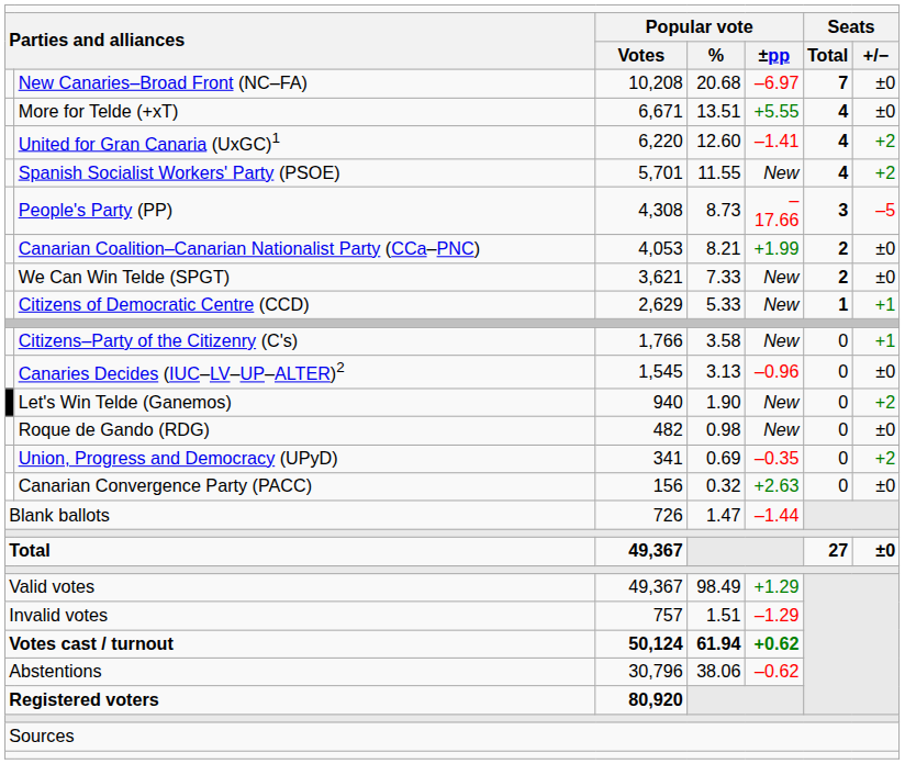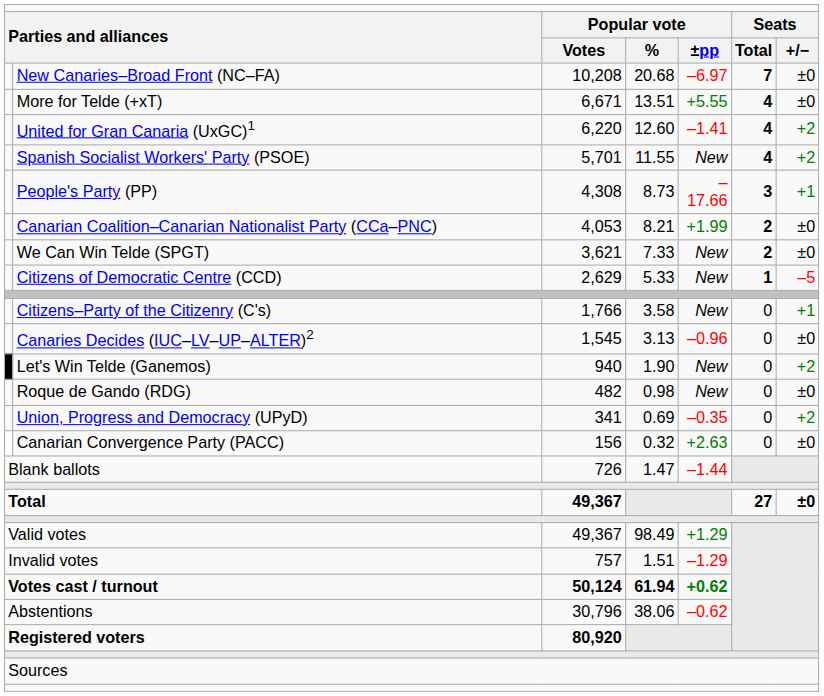 <table class="wikitable" style="text-align:right;">
 <tr>
 <td colspan="7"></td>
 </tr>
 <tr>
 <th style="text-align:left;" rowspan="2" colspan="2" width="525">Parties and alliances</th>
 <th colspan="3">Popular vote</th>
 <th colspan="2">Seats</th>
 </tr>
 <tr>
 <th width="75">Votes</th>
 <th width="45">%</th>
 <th width="45">±<a href='#'>pp</a></th>
 <th width="35">Total</th>
 <th width="35">+/−</th>
 </tr>
 <tr>
 <td width="1" style="color:inherit;background:"></td>
 <td align="left"><a href='#'>New Canaries–Broad Front</a> (NC–FA)</td>
 <td>10,208</td>
 <td>20.68</td>
 <td style="color:red;">–6.97</td>
 <td><strong>7</strong></td>
 <td>±0</td>
 </tr>
 <tr>
 <td style="color:inherit;background:"></td>
 <td align="left">More for Telde (+xT)</td>
 <td>6,671</td>
 <td>13.51</td>
 <td style="color:green;">+5.55</td>
 <td><strong>4</strong></td>
 <td>±0</td>
 </tr>
 <tr>
 <td style="color:inherit;background:"></td>
 <td align="left"><a href='#'>United for Gran Canaria</a> (UxGC)<sup>1</sup></td>
 <td>6,220</td>
 <td>12.60</td>
 <td style="color:red;">–1.41</td>
 <td><strong>4</strong></td>
 <td style="color:green;">+2</td>
 </tr>
 <tr>
 <td style="color:inherit;background:"></td>
 <td align="left"><a href='#'>Spanish Socialist Workers' Party</a> (PSOE)</td>
 <td>5,701</td>
 <td>11.55</td>
 <td><em>New</em></td>
 <td><strong>4</strong></td>
 <td style="color:green;">+2</td>
 </tr>
 <tr>
 <td style="color:inherit;background:"></td>
 <td align="left"><a href='#'>People's Party</a> (PP)</td>
 <td>4,308</td>
 <td>8.73</td>
 <td style="color:red;">–17.66</td>
 <td><strong>3</strong></td>
-<td style="color:red;">–5</td>
+<td style="color:green;">+1</td>
 </tr>
 <tr>
 <td style="color:inherit;background:"></td>
 <td align="left"><a href='#'>Canarian Coalition–Canarian Nationalist Party</a> (<a href='#'>CCa</a>–<a href='#'>PNC</a>)</td>
 <td>4,053</td>
 <td>8.21</td>
 <td style="color:green;">+1.99</td>
 <td><strong>2</strong></td>
 <td>±0</td>
 </tr>
 <tr>
 <td style="color:inherit;background:"></td>
 <td align="left">We Can Win Telde (SPGT)</td>
 <td>3,621</td>
 <td>7.33</td>
 <td><em>New</em></td>
 <td><strong>2</strong></td>
 <td>±0</td>
 </tr>
 <tr>
 <td style="color:inherit;background:"></td>
 <td align="left"><a href='#'>Citizens of Democratic Centre</a> (CCD)</td>
 <td>2,629</td>
 <td>5.33</td>
 <td><em>New</em></td>
 <td><strong>1</strong></td>
-<td style="color:green;">+1</td>
+<td style="color:red;">–5</td>
 </tr>
 <tr>
 <td colspan="7" bgcolor="#C0C0C0"></td>
 </tr>
 <tr>
 <td style="color:inherit;background:"></td>
 <td align="left"><a href='#'>Citizens–Party of the Citizenry</a> (C's)</td>
 <td>1,766</td>
 <td>3.58</td>
 <td><em>New</em></td>
 <td>0</td>
 <td style="color:green;">+1</td>
 </tr>
 <tr>
 <td style="color:inherit;background:"></td>
 <td align="left"><a href='#'>Canaries Decides</a> (<a href='#'>IUC</a>–<a href='#'>LV</a>–<a href='#'>UP</a>–<a href='#'>ALTER</a>)<sup>2</sup></td>
 <td>1,545</td>
 <td>3.13</td>
 <td style="color:red;">–0.96</td>
 <td>0</td>
 <td>±0</td>
 </tr>
 <tr>
 <td bgcolor="black"></td>
 <td align="left">Let's Win Telde (Ganemos)</td>
 <td>940</td>
 <td>1.90</td>
 <td><em>New</em></td>
 <td>0</td>
 <td style="color:green;">+2</td>
 </tr>
 <tr>
 <td style="color:inherit;background:"></td>
 <td align="left">Roque de Gando (RDG)</td>
 <td>482</td>
 <td>0.98</td>
 <td><em>New</em></td>
 <td>0</td>
 <td>±0</td>
 </tr>
 <tr>
 <td style="color:inherit;background:"></td>
 <td align="left"><a href='#'>Union, Progress and Democracy</a> (UPyD)</td>
 <td>341</td>
 <td>0.69</td>
 <td style="color:red;">–0.35</td>
 <td>0</td>
 <td style="color:green;">+2</td>
 </tr>
 <tr>
 <td bgcolor="white"></td>
 <td align="left">Canarian Convergence Party (PACC)</td>
 <td>156</td>
 <td>0.32</td>
 <td style="color:green;">+2.63</td>
 <td>0</td>
 <td>±0</td>
 </tr>
 <tr>
 <td align="left" colspan="2">Blank ballots</td>
 <td>726</td>
 <td>1.47</td>
 <td style="color:red;">–1.44</td>
 <td bgcolor="#E9E9E9" colspan="2"></td>
 </tr>
 <tr>
 <td colspan="7" bgcolor="#E9E9E9"></td>
 </tr>
 <tr style="font-weight:bold;">
 <td align="left" colspan="2">Total</td>
 <td>49,367</td>
 <td bgcolor="#E9E9E9" colspan="2"></td>
 <td>27</td>
 <td>±0</td>
 </tr>
 <tr>
 <td colspan="7" bgcolor="#E9E9E9"></td>
 </tr>
 <tr>
 <td align="left" colspan="2">Valid votes</td>
 <td>49,367</td>
 <td>98.49</td>
 <td style="color:green;">+1.29</td>
 <td bgcolor="#E9E9E9" colspan="2" rowspan="5"></td>
 </tr>
 <tr>
 <td align="left" colspan="2">Invalid votes</td>
 <td>757</td>
 <td>1.51</td>
 <td style="color:red;">–1.29</td>
 </tr>
 <tr style="font-weight:bold;">
 <td align="left" colspan="2">Votes cast / turnout</td>
 <td>50,124</td>
 <td>61.94</td>
 <td style="color:green;">+0.62</td>
 </tr>
 <tr>
 <td align="left" colspan="2">Abstentions</td>
 <td>30,796</td>
 <td>38.06</td>
 <td style="color:red;">–0.62</td>
 </tr>
 <tr style="font-weight:bold;">
 <td align="left" colspan="2">Registered voters</td>
 <td>80,920</td>
 <td bgcolor="#E9E9E9" colspan="2"></td>
 </tr>
 <tr>
 <td colspan="7" bgcolor="#E9E9E9"></td>
 </tr>
 <tr>
 <td align="left" colspan="7">Sources</td>
 </tr>
 <tr>
 <td colspan="7" style="text-align:left; max-width:790px;"></td>
 </tr>
 </table>
